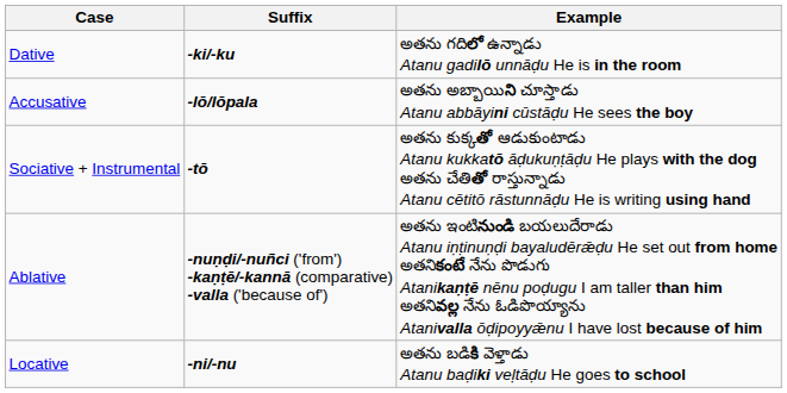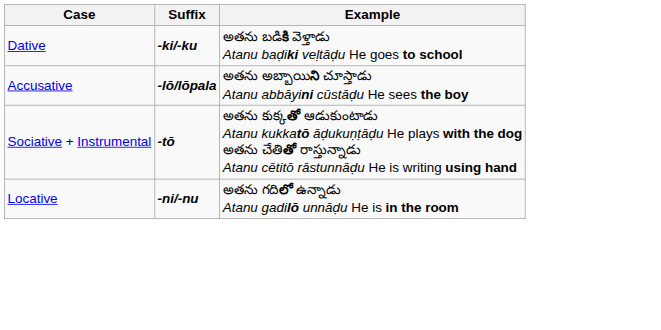 <table class="wikitable">
 <tr>
 <th>Case</th>
 <th>Suffix</th>
 <th>Example</th>
 </tr>
 <tr>
 <td><a href='#'>Dative</a></td>
 <td><strong><em>-ki/-ku</em></strong></td>
-<td>అతను గది<strong>లో</strong> ఉన్నాడు<br><em>Atanu gadi<strong>lō</strong> unnāḍu</em> He is <strong>in the room</strong></td>
+<td>అతను బడి<strong>కి</strong> వెళ్తాడు<br><em>Atanu baḍi<strong>ki</strong> veḷtāḍu</em> He goes <strong>to school</strong></td>
 </tr>
 <tr>
 <td><a href='#'>Accusative</a></td>
 <td><strong><em>-lō<strong>/</strong>lōpala</em></strong></td>
 <td>అతను అబ్బాయి<strong>ని</strong> చూస్తాడు<br><em>Atanu abbāyi<strong>ni</strong> cūstāḍu</em> He sees <strong>the boy</strong></td>
 </tr>
 <tr>
 <td><a href='#'>Sociative</a> + <a href='#'>Instrumental</a></td>
 <td><strong><em>-tō</em></strong></td>
 <td>అతను కుక్క<strong>తో</strong> ఆడుకుంటాడు<br><em>Atanu kukka<strong>tō</strong> āḍukuṇṭāḍu</em> He plays <strong>with the dog</strong><br>అతను చేతి<strong>తో</strong> రాస్తున్నాడు<br><em>Atanu cētitō rāstunnāḍu</em> He is writing <strong>using hand</strong></td>
 </tr>
 <tr>
-<td><a href='#'>Ablative</a></td>
-<td><strong><em>-nuṇḍi/-nuñci</em></strong> ('from')<br><strong><em>-kaṇṭē/-kannā</em></strong> (comparative)<br><strong><em>-valla</em></strong> ('because of')</td>
-<td>అతను ఇంటి<strong>నుండి</strong> బయలుదేరాడు<br><em>Atanu iṇṭinuṇḍi bayaludērǣḍu</em> He set out <strong>from home</strong><br>అతని<strong>కంటే</strong> నేను పొడుగు<br><em>Atani<strong>kaṇṭē</strong> nēnu poḍugu</em> I am taller <strong>than him</strong><br>అతని<strong>వల్ల</strong> నేను ఓడిపొయ్యాను<br><em>Atani<strong>valla</strong> ōḍipoyyǣnu</em> I have lost <strong>because of him</strong></td>
-</tr>
-<tr>
 <td><a href='#'>Locative</a></td>
 <td><strong><em>-ni/-nu</em></strong></td>
-<td>అతను బడి<strong>కి</strong> వెళ్తాడు<br><em>Atanu baḍi<strong>ki</strong> veḷtāḍu</em> He goes <strong>to school</strong></td>
+<td>అతను గది<strong>లో</strong> ఉన్నాడు<br><em>Atanu gadi<strong>lō</strong> unnāḍu</em> He is <strong>in the room</strong></td>
 </tr>
 </table>
